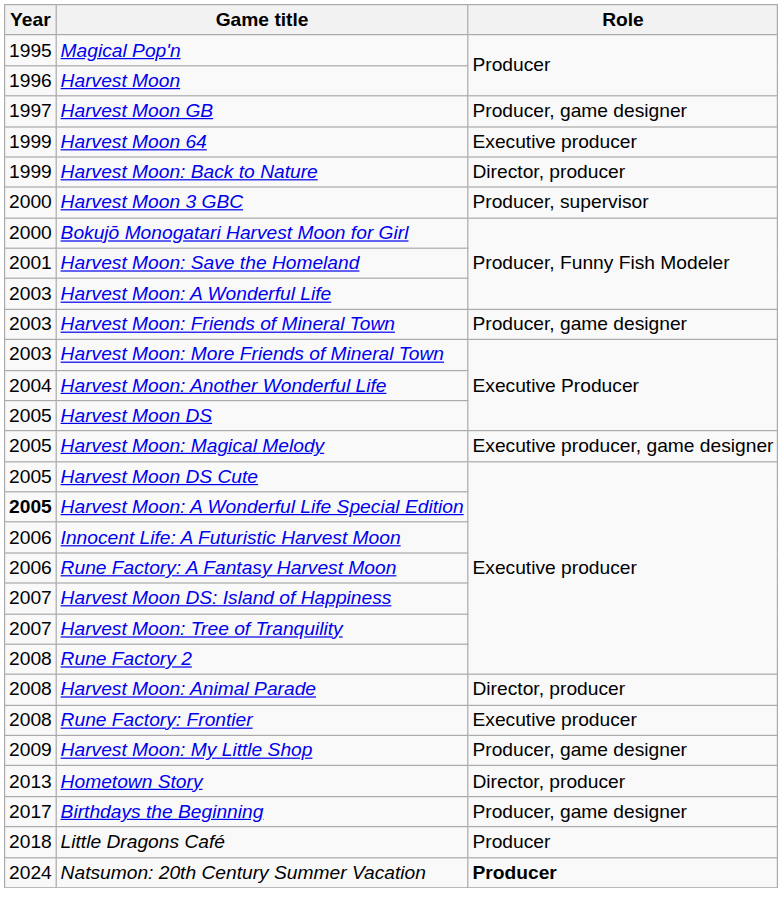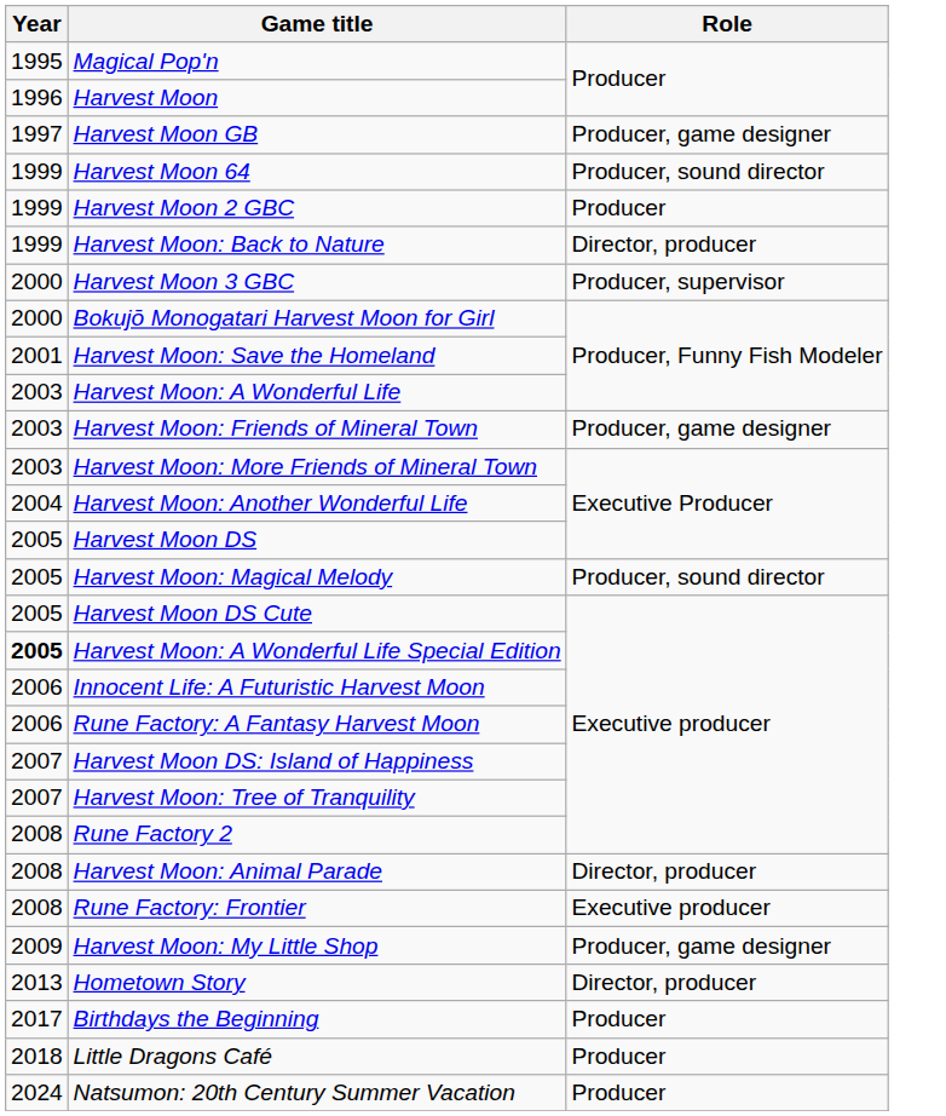 <table class="wikitable sortable" style="border:none; margin:0;">
 <tr valign="bottom">
 <th scope="col">Year</th>
 <th scope="col">Game title</th>
 <th scope="col">Role</th>
 </tr>
 <tr>
 <td>1995</td>
 <td><em><a href='#'>Magical Pop'n</a></em></td>
 <td rowspan="2">Producer</td>
 </tr>
 <tr>
 <td>1996</td>
 <td><em><a href='#'>Harvest Moon</a></em></td>
 </tr>
 <tr>
 <td>1997</td>
 <td><em><a href='#'>Harvest Moon GB</a></em></td>
 <td>Producer, game designer</td>
 </tr>
 <tr>
 <td>1999</td>
 <td><em><a href='#'>Harvest Moon 64</a></em></td>
-<td>Executive producer</td>
+<td>Producer, sound director</td>
+</tr>
+<tr>
+<td>1999</td>
+<td><em><a href='#'>Harvest Moon 2 GBC</a></em></td>
+<td>Producer</td>
 </tr>
 <tr>
 <td>1999</td>
 <td><em><a href='#'>Harvest Moon: Back to Nature</a></em></td>
 <td>Director, producer</td>
 </tr>
 <tr>
 <td>2000</td>
 <td><em><a href='#'>Harvest Moon 3 GBC</a></em></td>
 <td>Producer, supervisor</td>
 </tr>
 <tr>
 <td>2000</td>
 <td><em><a href='#'>Bokujō Monogatari Harvest Moon for Girl</a></em></td>
 <td rowspan="3">Producer, Funny Fish Modeler</td>
 </tr>
 <tr>
 <td>2001</td>
 <td><em><a href='#'>Harvest Moon: Save the Homeland</a></em></td>
 </tr>
 <tr>
 <td>2003</td>
 <td><em><a href='#'>Harvest Moon: A Wonderful Life</a></em></td>
 </tr>
 <tr>
 <td>2003</td>
 <td><em><a href='#'>Harvest Moon: Friends of Mineral Town</a></em></td>
 <td>Producer, game designer</td>
 </tr>
 <tr>
 <td>2003</td>
 <td><em><a href='#'>Harvest Moon: More Friends of Mineral Town</a></em></td>
 <td rowspan="3">Executive Producer</td>
 </tr>
 <tr>
 <td>2004</td>
 <td><em><a href='#'>Harvest Moon: Another Wonderful Life</a></em></td>
 </tr>
 <tr>
 <td>2005</td>
 <td><em><a href='#'>Harvest Moon DS</a></em></td>
 </tr>
 <tr>
 <td>2005</td>
 <td><em><a href='#'>Harvest Moon: Magical Melody</a></em></td>
-<td>Executive producer, game designer</td>
+<td>Producer, sound director</td>
 </tr>
 <tr>
 <td>2005</td>
 <td><em><a href='#'>Harvest Moon DS Cute</a></em></td>
 <td rowspan="7">Executive producer</td>
 </tr>
 <tr>
 <td><strong>2005</strong></td>
 <td><em><a href='#'>Harvest Moon: A Wonderful Life Special Edition</a></em></td>
 </tr>
 <tr>
 <td>2006</td>
 <td><em><a href='#'>Innocent Life: A Futuristic Harvest Moon</a></em></td>
 </tr>
 <tr>
 <td>2006</td>
 <td><em><a href='#'>Rune Factory: A Fantasy Harvest Moon</a></em></td>
 </tr>
 <tr>
 <td>2007</td>
 <td><em><a href='#'>Harvest Moon DS: Island of Happiness</a></em></td>
 </tr>
 <tr>
 <td>2007</td>
 <td><em><a href='#'>Harvest Moon: Tree of Tranquility</a></em></td>
 </tr>
 <tr>
 <td>2008</td>
 <td><em><a href='#'>Rune Factory 2</a></em></td>
 </tr>
 <tr>
 <td>2008</td>
 <td><em><a href='#'>Harvest Moon: Animal Parade</a></em></td>
 <td>Director, producer</td>
 </tr>
 <tr>
 <td>2008</td>
 <td><em><a href='#'>Rune Factory: Frontier</a></em></td>
 <td>Executive producer</td>
 </tr>
 <tr>
 <td>2009</td>
 <td><em><a href='#'>Harvest Moon: My Little Shop</a></em></td>
 <td>Producer, game designer</td>
 </tr>
 <tr>
 <td>2013</td>
 <td><em><a href='#'>Hometown Story</a></em></td>
 <td>Director, producer</td>
 </tr>
 <tr>
 <td>2017</td>
 <td><em><a href='#'>Birthdays the Beginning</a></em></td>
-<td>Producer, game designer</td>
+<td>Producer</td>
 </tr>
 <tr>
 <td>2018</td>
 <td><em>Little Dragons Café</em></td>
 <td>Producer</td>
 </tr>
 <tr>
 <td>2024</td>
 <td><em>Natsumon: 20th Century Summer Vacation</em></td>
-<td><strong>Producer</strong></td>
+<td>Producer</td>
 </tr>
 <tr>
 </tr>
 </table>
